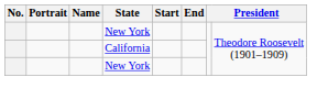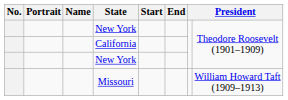 <table class="wikitable sortable" style="clear:right; text-align:center">
 <tr>
 <th>No.</th>
 <th>Portrait</th>
 <th>Name</th>
 <th>State</th>
 <th>Start</th>
 <th>End</th>
 <th colspan=2><a href='#'>President</a></th>
 </tr>
 <tr james>
 <th style="background: "></th>
 <td></td>
 <td><br></td>
 <td><a href='#'>New York</a></td>
 <td></td>
 <td></td>
 <td rowspan=3 style="background: "></td>
 <td rowspan=3><a href='#'>Theodore Roosevelt</a><br>(1901–1909)</td>
 </tr>
 <tr>
 <th style="background: "></th>
 <td></td>
 <td><br></td>
 <td><a href='#'>California</a></td>
 <td></td>
 <td></td>
 </tr>
 <tr>
 <th style="background: "></th>
 <td></td>
 <td><br></td>
 <td><a href='#'>New York</a></td>
 <td></td>
 <td></td>
 </tr>
+<tr>
+<th style="background: "></th>
+<td></td>
+<td><br></td>
+<td><a href='#'>Missouri</a></td>
+<td></td>
+<td></td>
+<td style="background: "></td>
+<td><a href='#'>William Howard Taft</a><br>(1909–1913)</td>
+</tr>
 </table>
